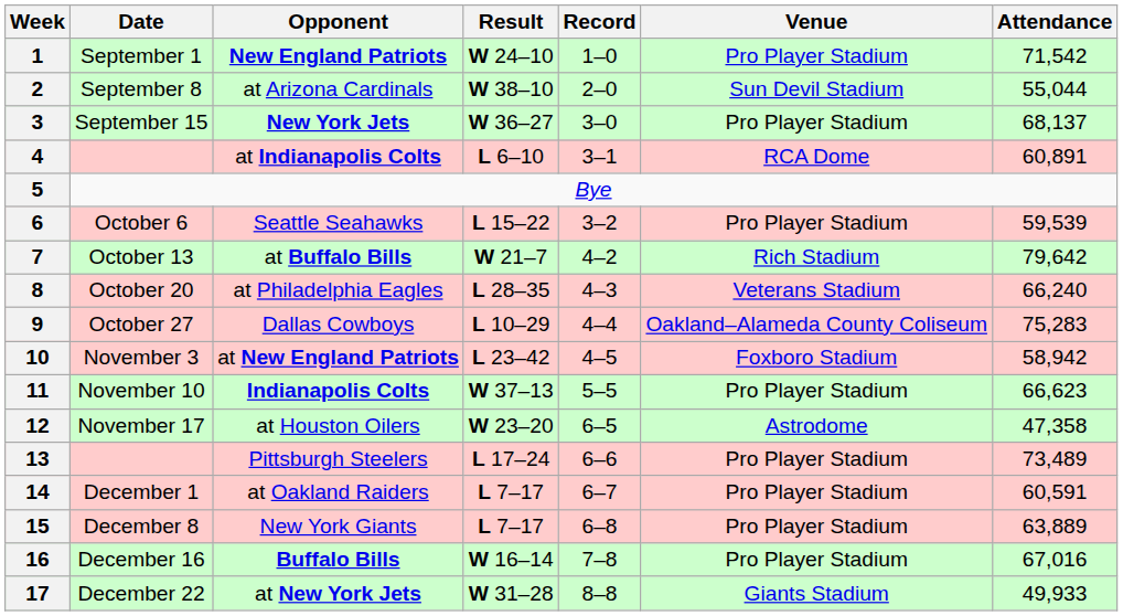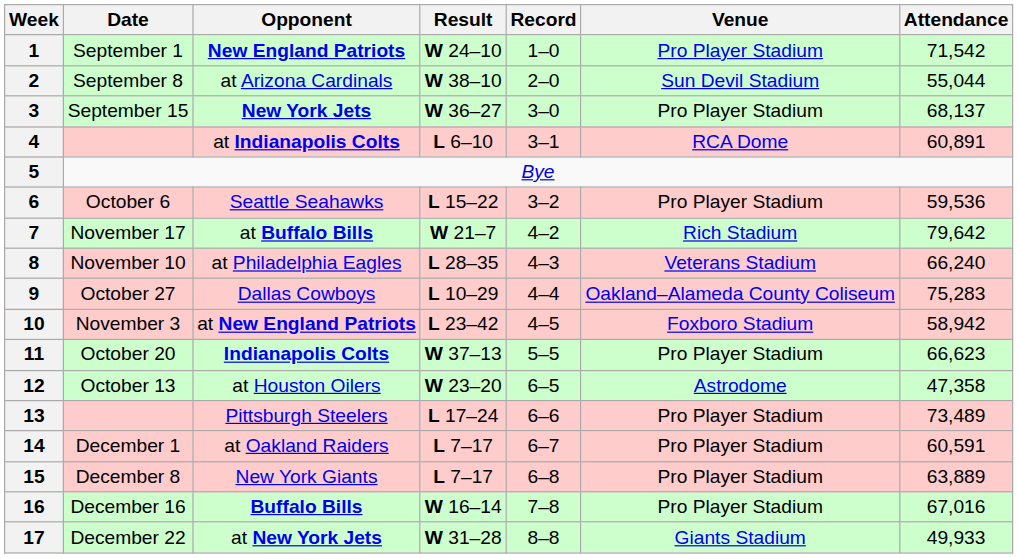 <table class="wikitable" style="text-align:center">
 <tr>
 <th>Week</th>
 <th>Date</th>
 <th>Opponent</th>
 <th>Result</th>
 <th>Record</th>
 <th>Venue</th>
 <th>Attendance</th>
 </tr>
 <tr style="background:#cfc">
 <th>1</th>
 <td>September 1</td>
 <td><strong><a href='#'>New England Patriots</a></strong></td>
 <td><strong>W</strong> 24–10</td>
 <td>1–0</td>
 <td><a href='#'>Pro Player Stadium</a></td>
 <td>71,542</td>
 </tr>
 <tr style="background:#cfc">
 <th>2</th>
 <td>September 8</td>
 <td>at <a href='#'>Arizona Cardinals</a></td>
 <td><strong>W</strong> 38–10</td>
 <td>2–0</td>
 <td><a href='#'>Sun Devil Stadium</a></td>
 <td>55,044</td>
 </tr>
 <tr style="background:#cfc">
 <th>3</th>
 <td>September 15</td>
 <td><strong><a href='#'>New York Jets</a></strong></td>
 <td><strong>W</strong> 36–27</td>
 <td>3–0</td>
 <td>Pro Player Stadium</td>
 <td>68,137</td>
 </tr>
 <tr style="background:#fcc">
 <th>4</th>
 <td></td>
 <td>at <strong><a href='#'>Indianapolis Colts</a></strong></td>
 <td><strong>L</strong> 6–10</td>
 <td>3–1</td>
 <td><a href='#'>RCA Dome</a></td>
 <td>60,891</td>
 </tr>
 <tr>
 <th>5</th>
 <td colspan="6"><em><a href='#'>Bye</a></em></td>
 </tr>
 <tr style="background:#fcc">
 <th>6</th>
 <td>October 6</td>
 <td><a href='#'>Seattle Seahawks</a></td>
 <td><strong>L</strong> 15–22</td>
 <td>3–2</td>
 <td>Pro Player Stadium</td>
-<td>59,539</td>
+<td>59,536</td>
 </tr>
 <tr style="background:#cfc">
 <th>7</th>
-<td>October 13</td>
+<td>November 17</td>
 <td>at <strong><a href='#'>Buffalo Bills</a></strong></td>
 <td><strong>W</strong> 21–7</td>
 <td>4–2</td>
 <td><a href='#'>Rich Stadium</a></td>
 <td>79,642</td>
 </tr>
 <tr style="background:#fcc">
 <th>8</th>
-<td>October 20</td>
+<td>November 10</td>
 <td>at <a href='#'>Philadelphia Eagles</a></td>
 <td><strong>L</strong> 28–35</td>
 <td>4–3</td>
 <td><a href='#'>Veterans Stadium</a></td>
 <td>66,240</td>
 </tr>
 <tr style="background:#fcc">
 <th>9</th>
 <td>October 27</td>
 <td><a href='#'>Dallas Cowboys</a></td>
 <td><strong>L</strong> 10–29</td>
 <td>4–4</td>
 <td><a href='#'>Oakland–Alameda County Coliseum</a></td>
 <td>75,283</td>
 </tr>
 <tr style="background:#fcc">
 <th>10</th>
 <td>November 3</td>
 <td>at <strong><a href='#'>New England Patriots</a></strong></td>
 <td><strong>L</strong> 23–42</td>
 <td>4–5</td>
 <td><a href='#'>Foxboro Stadium</a></td>
 <td>58,942</td>
 </tr>
 <tr style="background:#cfc">
 <th>11</th>
-<td>November 10</td>
+<td>October 20</td>
 <td><strong><a href='#'>Indianapolis Colts</a></strong></td>
 <td><strong>W</strong> 37–13</td>
 <td>5–5</td>
 <td>Pro Player Stadium</td>
 <td>66,623</td>
 </tr>
 <tr style="background:#cfc">
 <th>12</th>
-<td>November 17</td>
+<td>October 13</td>
 <td>at <a href='#'>Houston Oilers</a></td>
 <td><strong>W</strong> 23–20</td>
 <td>6–5</td>
 <td><a href='#'>Astrodome</a></td>
 <td>47,358</td>
 </tr>
 <tr style="background:#fcc">
 <th>13</th>
 <td></td>
 <td><a href='#'>Pittsburgh Steelers</a></td>
 <td><strong>L</strong> 17–24</td>
 <td>6–6</td>
 <td>Pro Player Stadium</td>
 <td>73,489</td>
 </tr>
 <tr style="background:#fcc">
 <th>14</th>
 <td>December 1</td>
 <td>at <a href='#'>Oakland Raiders</a></td>
 <td><strong>L</strong> 7–17</td>
 <td>6–7</td>
 <td>Pro Player Stadium</td>
 <td>60,591</td>
 </tr>
 <tr style="background:#fcc">
 <th>15</th>
 <td>December 8</td>
 <td><a href='#'>New York Giants</a></td>
 <td><strong>L</strong> 7–17</td>
 <td>6–8</td>
 <td>Pro Player Stadium</td>
 <td>63,889</td>
 </tr>
 <tr style="background:#cfc">
 <th>16</th>
 <td>December 16</td>
 <td><strong><a href='#'>Buffalo Bills</a></strong></td>
 <td><strong>W</strong> 16–14</td>
 <td>7–8</td>
 <td>Pro Player Stadium</td>
 <td>67,016</td>
 </tr>
 <tr style="background:#cfc">
 <th>17</th>
 <td>December 22</td>
 <td>at <strong><a href='#'>New York Jets</a></strong></td>
 <td><strong>W</strong> 31–28</td>
 <td>8–8</td>
 <td><a href='#'>Giants Stadium</a></td>
 <td>49,933</td>
 </tr>
 </table>
